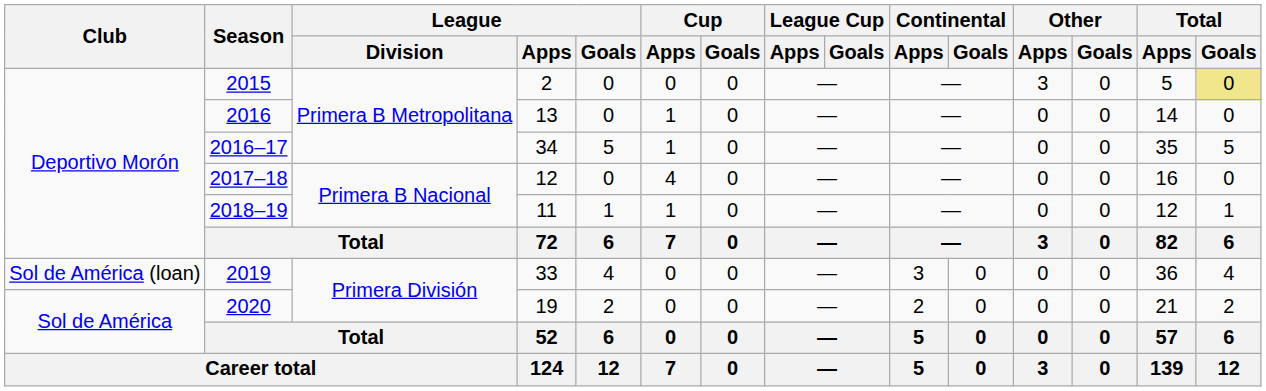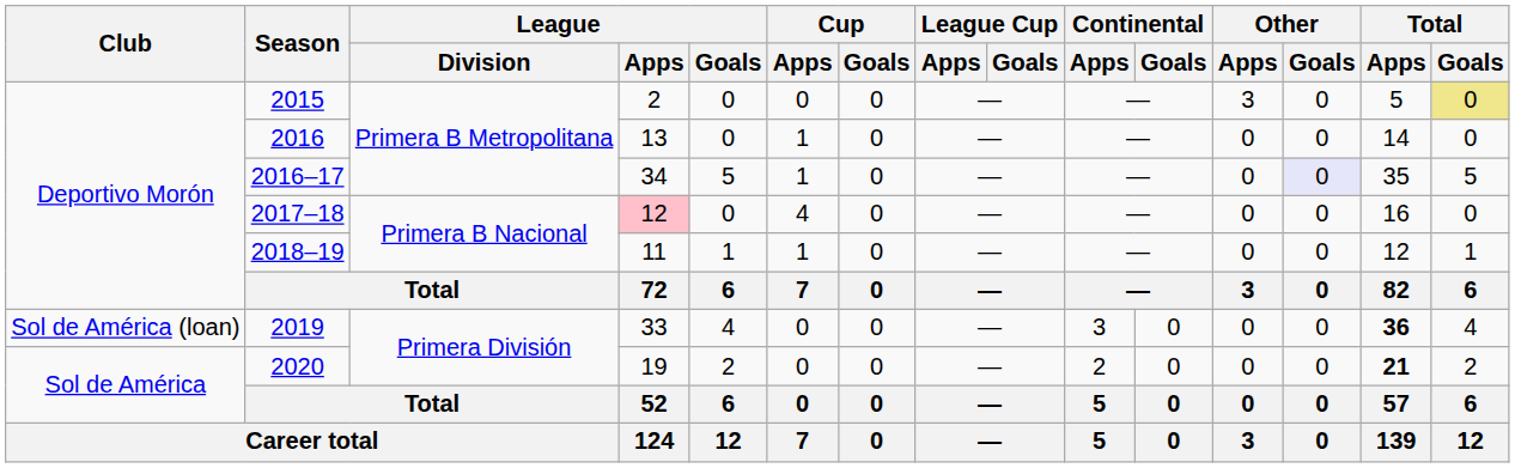 <table class="wikitable" style="text-align:center">
 <tr>
 <th rowspan="2">Club</th>
 <th rowspan="2">Season</th>
 <th colspan="3">League</th>
 <th colspan="2">Cup</th>
 <th colspan="2">League Cup</th>
 <th colspan="2">Continental</th>
 <th colspan="2">Other</th>
 <th colspan="2">Total</th>
 </tr>
 <tr>
 <th>Division</th>
 <th>Apps</th>
 <th>Goals</th>
 <th>Apps</th>
 <th>Goals</th>
 <th>Apps</th>
 <th>Goals</th>
 <th>Apps</th>
 <th>Goals</th>
 <th>Apps</th>
 <th>Goals</th>
 <th>Apps</th>
 <th>Goals</th>
 </tr>
 <tr>
 <td rowspan="6"><a href='#'>Deportivo Morón</a></td>
 <td><a href='#'>2015</a></td>
 <td rowspan="3"><a href='#'>Primera B Metropolitana</a></td>
 <td>2</td>
 <td>0</td>
 <td>0</td>
 <td>0</td>
 <td colspan="2">—</td>
 <td colspan="2">—</td>
 <td>3</td>
 <td>0</td>
 <td>5</td>
 <td style="background: khaki;">0</td>
 </tr>
 <tr>
 <td><a href='#'>2016</a></td>
 <td>13</td>
 <td>0</td>
 <td>1</td>
 <td>0</td>
 <td colspan="2">—</td>
 <td colspan="2">—</td>
 <td>0</td>
 <td>0</td>
 <td>14</td>
 <td>0</td>
 </tr>
 <tr>
 <td><a href='#'>2016–17</a></td>
 <td>34</td>
 <td>5</td>
 <td>1</td>
 <td>0</td>
 <td colspan="2">—</td>
 <td colspan="2">—</td>
 <td>0</td>
-<td>0</td>
+<td style="background: lavender;">0</td>
 <td>35</td>
 <td>5</td>
 </tr>
 <tr>
 <td><a href='#'>2017–18</a></td>
 <td rowspan="2"><a href='#'>Primera B Nacional</a></td>
-<td>12</td>
+<td style="background: pink;">12</td>
 <td>0</td>
 <td>4</td>
 <td>0</td>
 <td colspan="2">—</td>
 <td colspan="2">—</td>
 <td>0</td>
 <td>0</td>
 <td>16</td>
 <td>0</td>
 </tr>
 <tr>
 <td><a href='#'>2018–19</a></td>
 <td>11</td>
 <td>1</td>
 <td>1</td>
 <td>0</td>
 <td colspan="2">—</td>
 <td colspan="2">—</td>
 <td>0</td>
 <td>0</td>
 <td>12</td>
 <td>1</td>
 </tr>
 <tr>
 <th colspan="2">Total</th>
 <th>72</th>
 <th>6</th>
 <th>7</th>
 <th>0</th>
 <th colspan="2">—</th>
 <th colspan="2">—</th>
 <th>3</th>
 <th>0</th>
 <th>82</th>
 <th>6</th>
 </tr>
 <tr>
 <td rowspan="1"><a href='#'>Sol de América</a> (loan)</td>
 <td><a href='#'>2019</a></td>
 <td rowspan="2"><a href='#'>Primera División</a></td>
 <td>33</td>
 <td>4</td>
 <td>0</td>
 <td>0</td>
 <td colspan="2">—</td>
 <td>3</td>
 <td>0</td>
 <td>0</td>
 <td>0</td>
-<td>36</td>
+<td><strong>36</strong></td>
 <td>4</td>
 </tr>
 <tr>
 <td rowspan="2"><a href='#'>Sol de América</a></td>
 <td><a href='#'>2020</a></td>
 <td>19</td>
 <td>2</td>
 <td>0</td>
 <td>0</td>
 <td colspan="2">—</td>
 <td>2</td>
 <td>0</td>
 <td>0</td>
 <td>0</td>
-<td>21</td>
+<td><strong>21</strong></td>
 <td>2</td>
 </tr>
 <tr>
 <th colspan="2">Total</th>
 <th>52</th>
 <th>6</th>
 <th>0</th>
 <th>0</th>
 <th colspan="2">—</th>
 <th>5</th>
 <th>0</th>
 <th>0</th>
 <th>0</th>
 <th>57</th>
 <th>6</th>
 </tr>
 <tr>
 <th colspan="3">Career total</th>
 <th>124</th>
 <th>12</th>
 <th>7</th>
 <th>0</th>
 <th colspan="2">—</th>
 <th>5</th>
 <th>0</th>
 <th>3</th>
 <th>0</th>
 <th>139</th>
 <th>12</th>
 </tr>
 </table>
